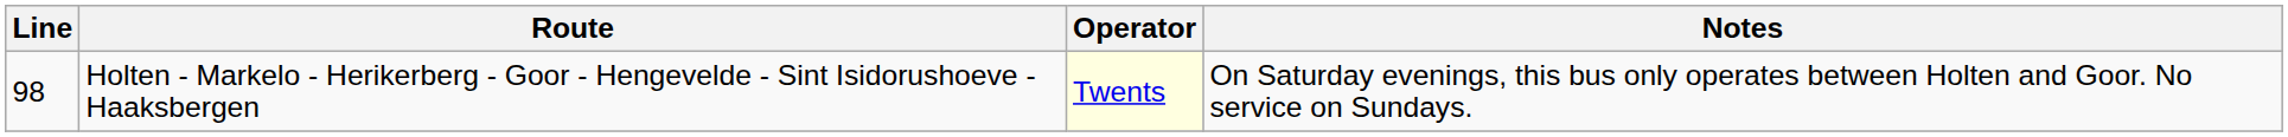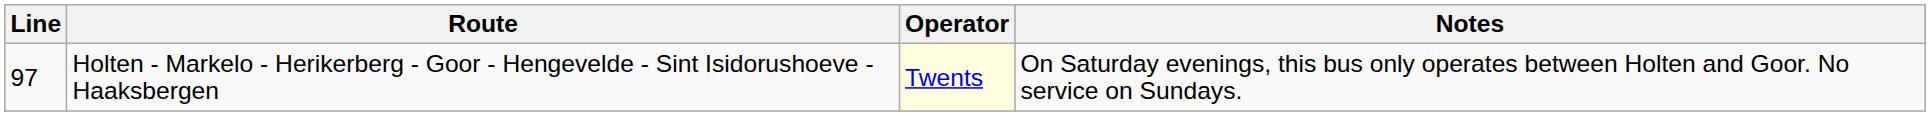 <table class="wikitable">
 <tr>
 <th>Line</th>
 <th>Route</th>
 <th>Operator</th>
 <th>Notes</th>
 </tr>
 <tr>
-<td>98</td>
+<td>97</td>
 <td>Holten - Markelo - Herikerberg - Goor - Hengevelde - Sint Isidorushoeve - Haaksbergen</td>
 <td style="background: lightyellow;"><a href='#'>Twents</a></td>
 <td>On Saturday evenings, this bus only operates between Holten and Goor. No service on Sundays.</td>
 </tr>
 </table>
